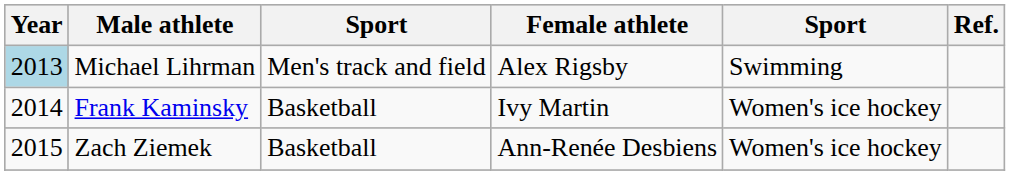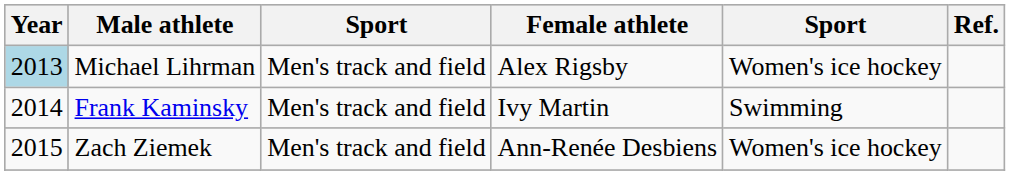 <table class="wikitable"; style= " ">
 <tr>
 <th width=px>Year</th>
 <th width=px>Male athlete</th>
 <th width=px>Sport</th>
 <th width=px>Female athlete</th>
 <th width=px>Sport</th>
 <th width=px>Ref.</th>
 </tr>
 <tr>
 <td style="background: lightblue;">2013</td>
 <td>Michael Lihrman</td>
 <td>Men's track and field</td>
 <td>Alex Rigsby</td>
-<td>Swimming</td>
+<td>Women's ice hockey</td>
 <td></td>
 </tr>
 <tr>
 <td>2014</td>
 <td><a href='#'>Frank Kaminsky</a></td>
-<td>Basketball</td>
+<td>Men's track and field</td>
 <td>Ivy Martin</td>
-<td>Women's ice hockey</td>
+<td>Swimming</td>
 <td></td>
 </tr>
 <tr>
 <td>2015</td>
 <td>Zach Ziemek</td>
-<td>Basketball</td>
+<td>Men's track and field</td>
 <td>Ann-Renée Desbiens</td>
 <td>Women's ice hockey</td>
 <td></td>
 </tr>
 </table>
